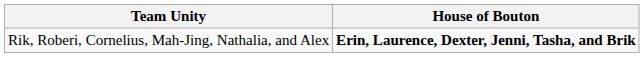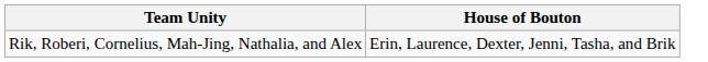 <table class="wikitable">
 <tr>
 <th>Team Unity</th>
 <th>House of Bouton</th>
 </tr>
 <tr>
 <td>Rik, Roberi, Cornelius, Mah-Jing, Nathalia, and Alex</td>
-<td><strong>Erin, Laurence, Dexter, Jenni, Tasha, and Brik</strong></td>
+<td>Erin, Laurence, Dexter, Jenni, Tasha, and Brik</td>
 </tr>
 </table>
